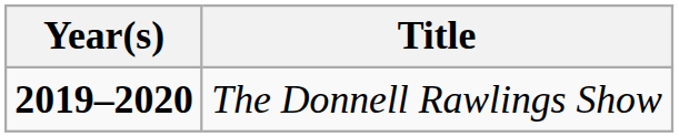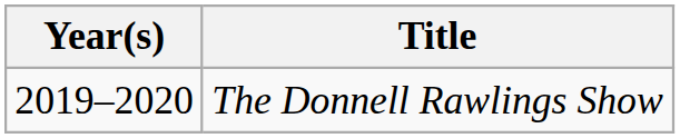 <table class="wikitable">
 <tr>
 <th>Year(s)</th>
 <th>Title</th>
 </tr>
 <tr>
-<td><strong>2019–2020</strong></td>
+<td>2019–2020</td>
 <td><em>The Donnell Rawlings Show</em></td>
 </tr>
 </table>
